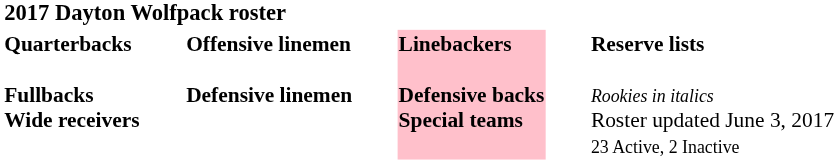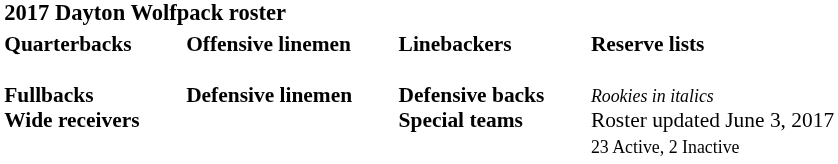 <table class="toccolours" style="text-align: left;">
 <tr>
 <th colspan="7"><strong>2017 Dayton Wolfpack roster</strong></th>
 </tr>
 <tr>
 <td style="font-size: 95%;vertical-align:top;"><strong>Quarterbacks</strong><br><br><strong>Fullbacks</strong> <br><strong>Wide receivers</strong>     </td>
 <td style="width: 25px;"></td>
 <td style="font-size: 95%;vertical-align:top;"><strong>Offensive linemen</strong><br>   <br><strong>Defensive linemen</strong>     </td>
 <td style="width: 25px;"></td>
-<td style="background: pink; font-size: 95%;vertical-align:top;"><strong>Linebackers</strong><br> <br><strong>Defensive backs</strong>    <br><strong>Special teams</strong> </td>
+<td style="font-size: 95%;vertical-align:top;"><strong>Linebackers</strong><br> <br><strong>Defensive backs</strong>    <br><strong>Special teams</strong> </td>
 <td style="width: 25px;"></td>
 <td style="font-size: 95%;vertical-align:top;"><strong>Reserve lists</strong><br> <br><small><em>Rookies in italics</em></small><br> Roster updated June 3, 2017<br> <small>23 Active, 2 Inactive</small></td>
 </tr>
 </table>
